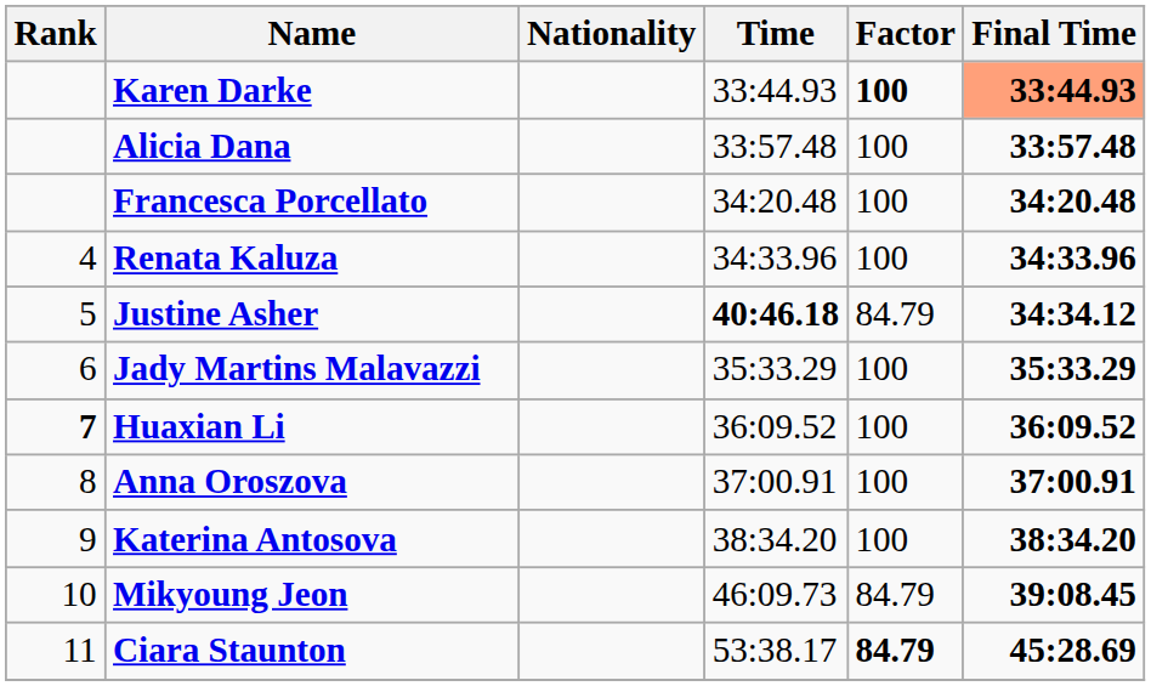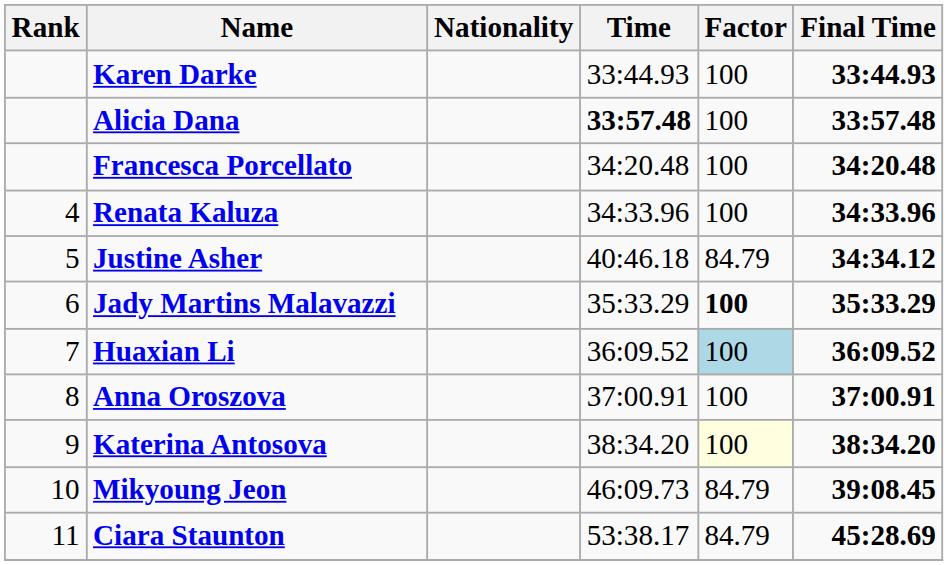 <table class="wikitable sortable" style="text-align:left">
 <tr>
 <th width=20>Rank</th>
 <th width=180>Name</th>
 <th>Nationality</th>
 <th>Time</th>
 <th>Factor</th>
 <th>Final Time</th>
 </tr>
 <tr>
 <td align=right></td>
 <td><strong><a href='#'>Karen Darke</a></strong></td>
 <td></td>
 <td>33:44.93</td>
-<td><strong>100</strong></td>
-<td align=right style="background: lightsalmon;"><strong>33:44.93</strong></td>
+<td>100</td>
+<td align=right><strong>33:44.93</strong></td>
 </tr>
 <tr>
 <td align=right></td>
 <td><strong><a href='#'>Alicia Dana</a></strong></td>
 <td></td>
-<td>33:57.48</td>
+<td><strong>33:57.48</strong></td>
 <td>100</td>
 <td align=right><strong>33:57.48</strong></td>
 </tr>
 <tr>
 <td align=right></td>
 <td><strong><a href='#'>Francesca Porcellato</a></strong></td>
 <td></td>
 <td>34:20.48</td>
 <td>100</td>
 <td align=right><strong>34:20.48</strong></td>
 </tr>
 <tr>
 <td align=right>4</td>
 <td><strong><a href='#'>Renata Kaluza</a></strong></td>
 <td></td>
 <td>34:33.96</td>
 <td>100</td>
 <td align=right><strong>34:33.96</strong></td>
 </tr>
 <tr>
 <td align=right>5</td>
 <td><strong><a href='#'>Justine Asher</a></strong></td>
 <td></td>
-<td><strong>40:46.18</strong></td>
+<td>40:46.18</td>
 <td>84.79</td>
 <td align=right><strong>34:34.12</strong></td>
 </tr>
 <tr>
 <td align=right>6</td>
 <td><strong><a href='#'>Jady Martins Malavazzi</a></strong></td>
 <td></td>
 <td>35:33.29</td>
-<td>100</td>
+<td><strong>100</strong></td>
 <td align=right><strong>35:33.29</strong></td>
 </tr>
 <tr>
-<td align=right><strong>7</strong></td>
+<td align=right>7</td>
 <td><strong><a href='#'>Huaxian Li</a></strong></td>
 <td></td>
 <td>36:09.52</td>
-<td>100</td>
+<td style="background: lightblue;">100</td>
 <td align=right><strong>36:09.52</strong></td>
 </tr>
 <tr>
 <td align=right>8</td>
 <td><strong><a href='#'>Anna Oroszova</a></strong></td>
 <td></td>
 <td>37:00.91</td>
 <td>100</td>
 <td align=right><strong>37:00.91</strong></td>
 </tr>
 <tr>
 <td align=right>9</td>
 <td><strong><a href='#'>Katerina Antosova</a></strong></td>
 <td></td>
 <td>38:34.20</td>
-<td>100</td>
+<td style="background: lightyellow;">100</td>
 <td align=right><strong>38:34.20</strong></td>
 </tr>
 <tr>
 <td align=right>10</td>
 <td><strong><a href='#'>Mikyoung Jeon</a></strong></td>
 <td></td>
 <td>46:09.73</td>
 <td>84.79</td>
 <td align=right><strong>39:08.45</strong></td>
 </tr>
 <tr>
 <td align=right>11</td>
 <td><strong><a href='#'>Ciara Staunton</a></strong></td>
 <td></td>
 <td>53:38.17</td>
-<td><strong>84.79</strong></td>
+<td>84.79</td>
 <td align=right><strong>45:28.69</strong></td>
 </tr>
 <tr>
 </tr>
 </table>
